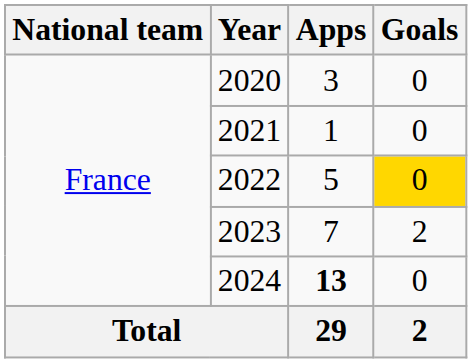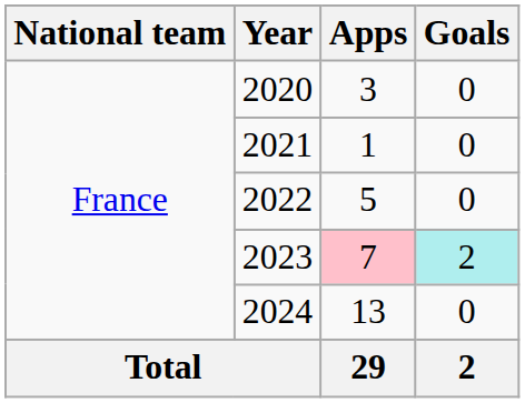 <table class="wikitable" style="text-align: center;">
 <tr>
 <th>National team</th>
 <th>Year</th>
 <th>Apps</th>
 <th>Goals</th>
 </tr>
 <tr>
 <td rowspan="5"><a href='#'>France</a></td>
 <td>2020</td>
 <td>3</td>
 <td>0</td>
 </tr>
 <tr>
 <td>2021</td>
 <td>1</td>
 <td>0</td>
 </tr>
 <tr>
 <td>2022</td>
 <td>5</td>
-<td style="background: gold;">0</td>
+<td>0</td>
 </tr>
 <tr>
 <td>2023</td>
-<td>7</td>
-<td>2</td>
+<td style="background: pink;">7</td>
+<td style="background: paleturquoise;">2</td>
 </tr>
 <tr>
 <td>2024</td>
-<td><strong>13</strong></td>
+<td>13</td>
 <td>0</td>
 </tr>
 <tr>
 <th colspan="2">Total</th>
 <th>29</th>
 <th>2</th>
 </tr>
 </table>
